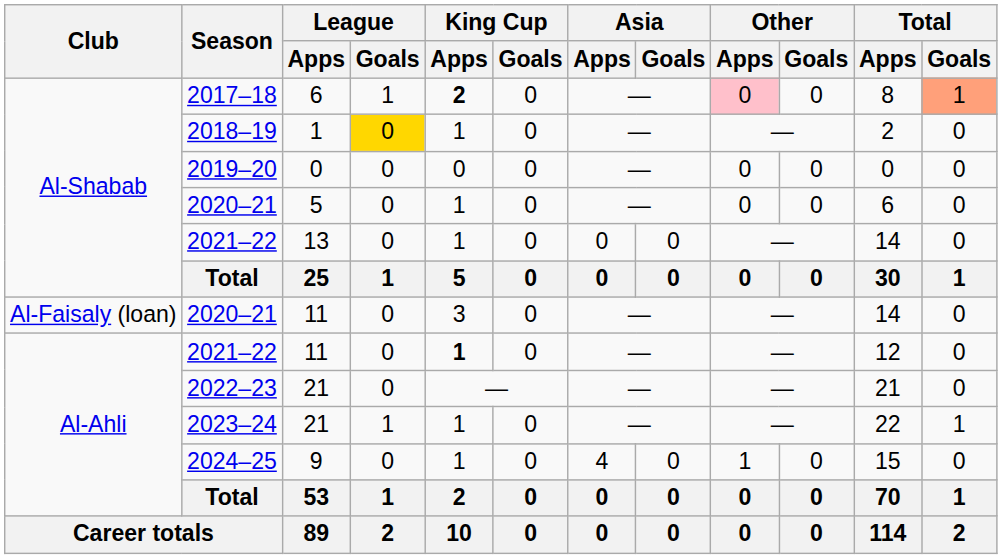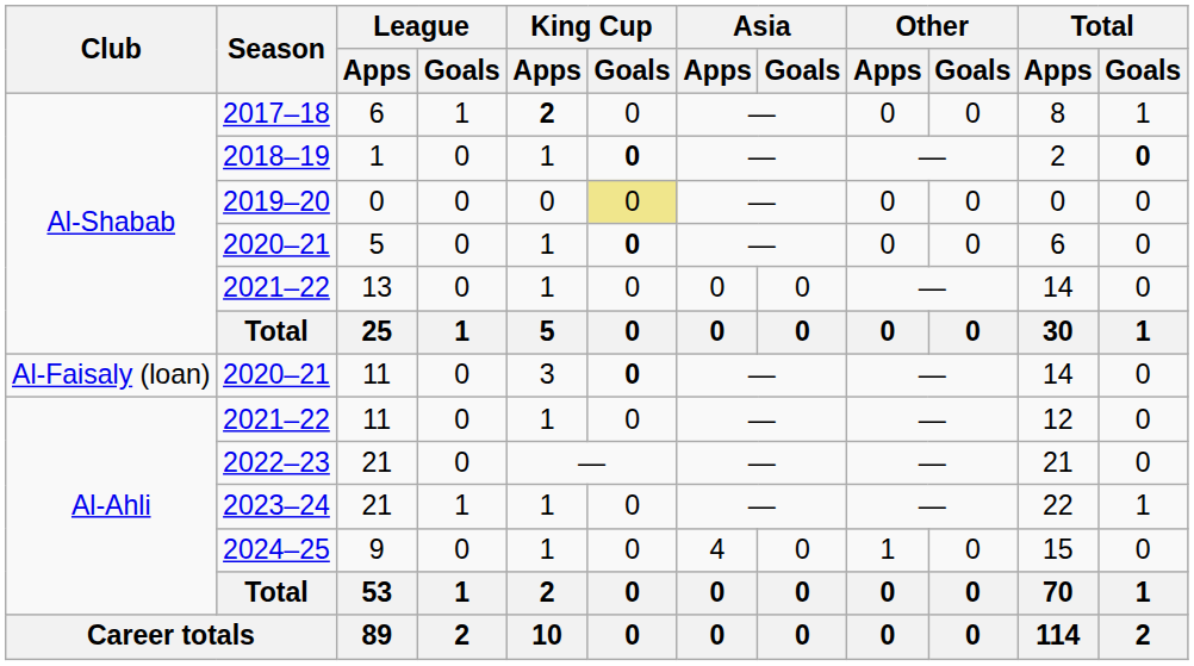 <table class="wikitable" style="text-align: center">
 <tr>
 <th rowspan=2>Club</th>
 <th rowspan=2>Season</th>
 <th colspan=2>League</th>
 <th colspan=2>King Cup</th>
 <th colspan=2>Asia</th>
 <th colspan=2>Other</th>
 <th colspan=2>Total</th>
 </tr>
 <tr>
 <th>Apps</th>
 <th>Goals</th>
 <th>Apps</th>
 <th>Goals</th>
 <th>Apps</th>
 <th>Goals</th>
 <th>Apps</th>
 <th>Goals</th>
 <th>Apps</th>
 <th>Goals</th>
 </tr>
 <tr>
 <td rowspan=6><a href='#'>Al-Shabab</a></td>
 <td><a href='#'>2017–18</a></td>
 <td>6</td>
 <td>1</td>
 <td><strong>2</strong></td>
 <td>0</td>
 <td colspan=2>—</td>
-<td style="background: pink;">0</td>
+<td>0</td>
 <td>0</td>
 <td>8</td>
-<td style="background: lightsalmon;">1</td>
+<td>1</td>
 </tr>
 <tr>
 <td><a href='#'>2018–19</a></td>
 <td>1</td>
-<td style="background: gold;">0</td>
+<td>0</td>
 <td>1</td>
-<td>0</td>
+<td><strong>0</strong></td>
 <td colspan=2>—</td>
 <td colspan=2>—</td>
 <td>2</td>
-<td>0</td>
+<td><strong>0</strong></td>
 </tr>
 <tr>
 <td><a href='#'>2019–20</a></td>
 <td>0</td>
 <td>0</td>
 <td>0</td>
-<td>0</td>
+<td style="background: khaki;">0</td>
 <td colspan=2>—</td>
 <td>0</td>
 <td>0</td>
 <td>0</td>
 <td>0</td>
 </tr>
 <tr>
 <td><a href='#'>2020–21</a></td>
 <td>5</td>
 <td>0</td>
 <td>1</td>
-<td>0</td>
+<td><strong>0</strong></td>
 <td colspan=2>—</td>
 <td>0</td>
 <td>0</td>
 <td>6</td>
 <td>0</td>
 </tr>
 <tr>
 <td><a href='#'>2021–22</a></td>
 <td>13</td>
 <td>0</td>
 <td>1</td>
 <td>0</td>
 <td>0</td>
 <td>0</td>
 <td colspan=2>—</td>
 <td>14</td>
 <td>0</td>
 </tr>
 <tr>
 <th>Total</th>
 <th>25</th>
 <th>1</th>
 <th>5</th>
 <th>0</th>
 <th>0</th>
 <th>0</th>
 <th>0</th>
 <th>0</th>
 <th>30</th>
 <th>1</th>
 </tr>
 <tr>
 <td rowspan=1><a href='#'>Al-Faisaly</a> (loan)</td>
 <td><a href='#'>2020–21</a></td>
 <td>11</td>
 <td>0</td>
 <td>3</td>
-<td>0</td>
+<td><strong>0</strong></td>
 <td colspan=2>—</td>
 <td colspan=2>—</td>
 <td>14</td>
 <td>0</td>
 </tr>
 <tr>
 <td rowspan="5"><a href='#'>Al-Ahli</a></td>
 <td><a href='#'>2021–22</a></td>
 <td>11</td>
 <td>0</td>
-<td><strong>1</strong></td>
+<td>1</td>
 <td>0</td>
 <td colspan=2>—</td>
 <td colspan=2>—</td>
 <td>12</td>
 <td>0</td>
 </tr>
 <tr>
 <td><a href='#'>2022–23</a></td>
 <td>21</td>
 <td>0</td>
 <td colspan=2>—</td>
 <td colspan=2>—</td>
 <td colspan=2>—</td>
 <td>21</td>
 <td>0</td>
 </tr>
 <tr>
 <td><a href='#'>2023–24</a></td>
 <td>21</td>
 <td>1</td>
 <td>1</td>
 <td>0</td>
 <td colspan=2>—</td>
 <td colspan=2>—</td>
 <td>22</td>
 <td>1</td>
 </tr>
 <tr>
 <td><a href='#'>2024–25</a></td>
 <td>9</td>
 <td>0</td>
 <td>1</td>
 <td>0</td>
 <td>4</td>
 <td>0</td>
 <td>1</td>
 <td>0</td>
 <td>15</td>
 <td>0</td>
 </tr>
 <tr>
 <th>Total</th>
 <th>53</th>
 <th>1</th>
 <th>2</th>
 <th>0</th>
 <th>0</th>
 <th>0</th>
 <th>0</th>
 <th>0</th>
 <th>70</th>
 <th>1</th>
 </tr>
 <tr>
 <th colspan=2>Career totals</th>
 <th>89</th>
 <th>2</th>
 <th>10</th>
 <th>0</th>
 <th>0</th>
 <th>0</th>
 <th>0</th>
 <th>0</th>
 <th>114</th>
 <th>2</th>
 </tr>
 </table>
